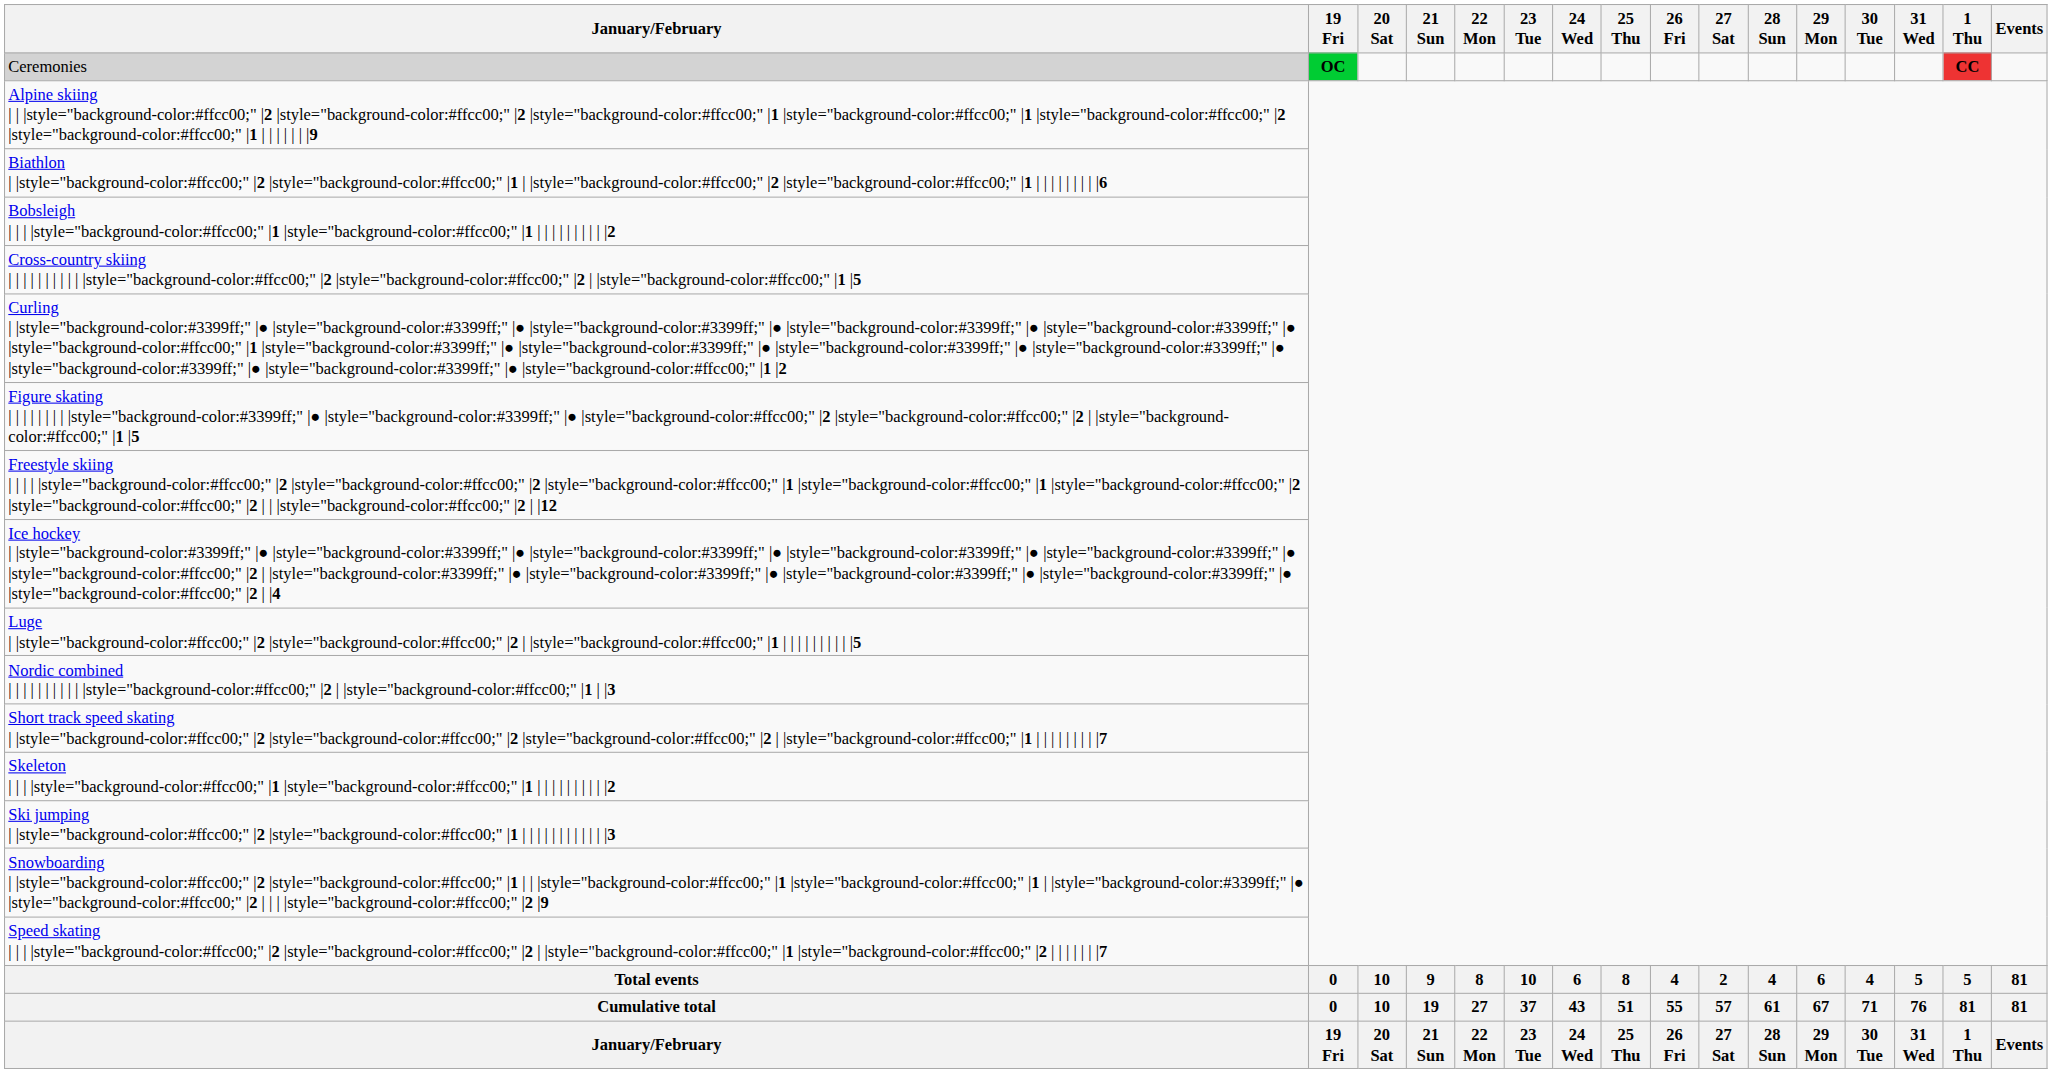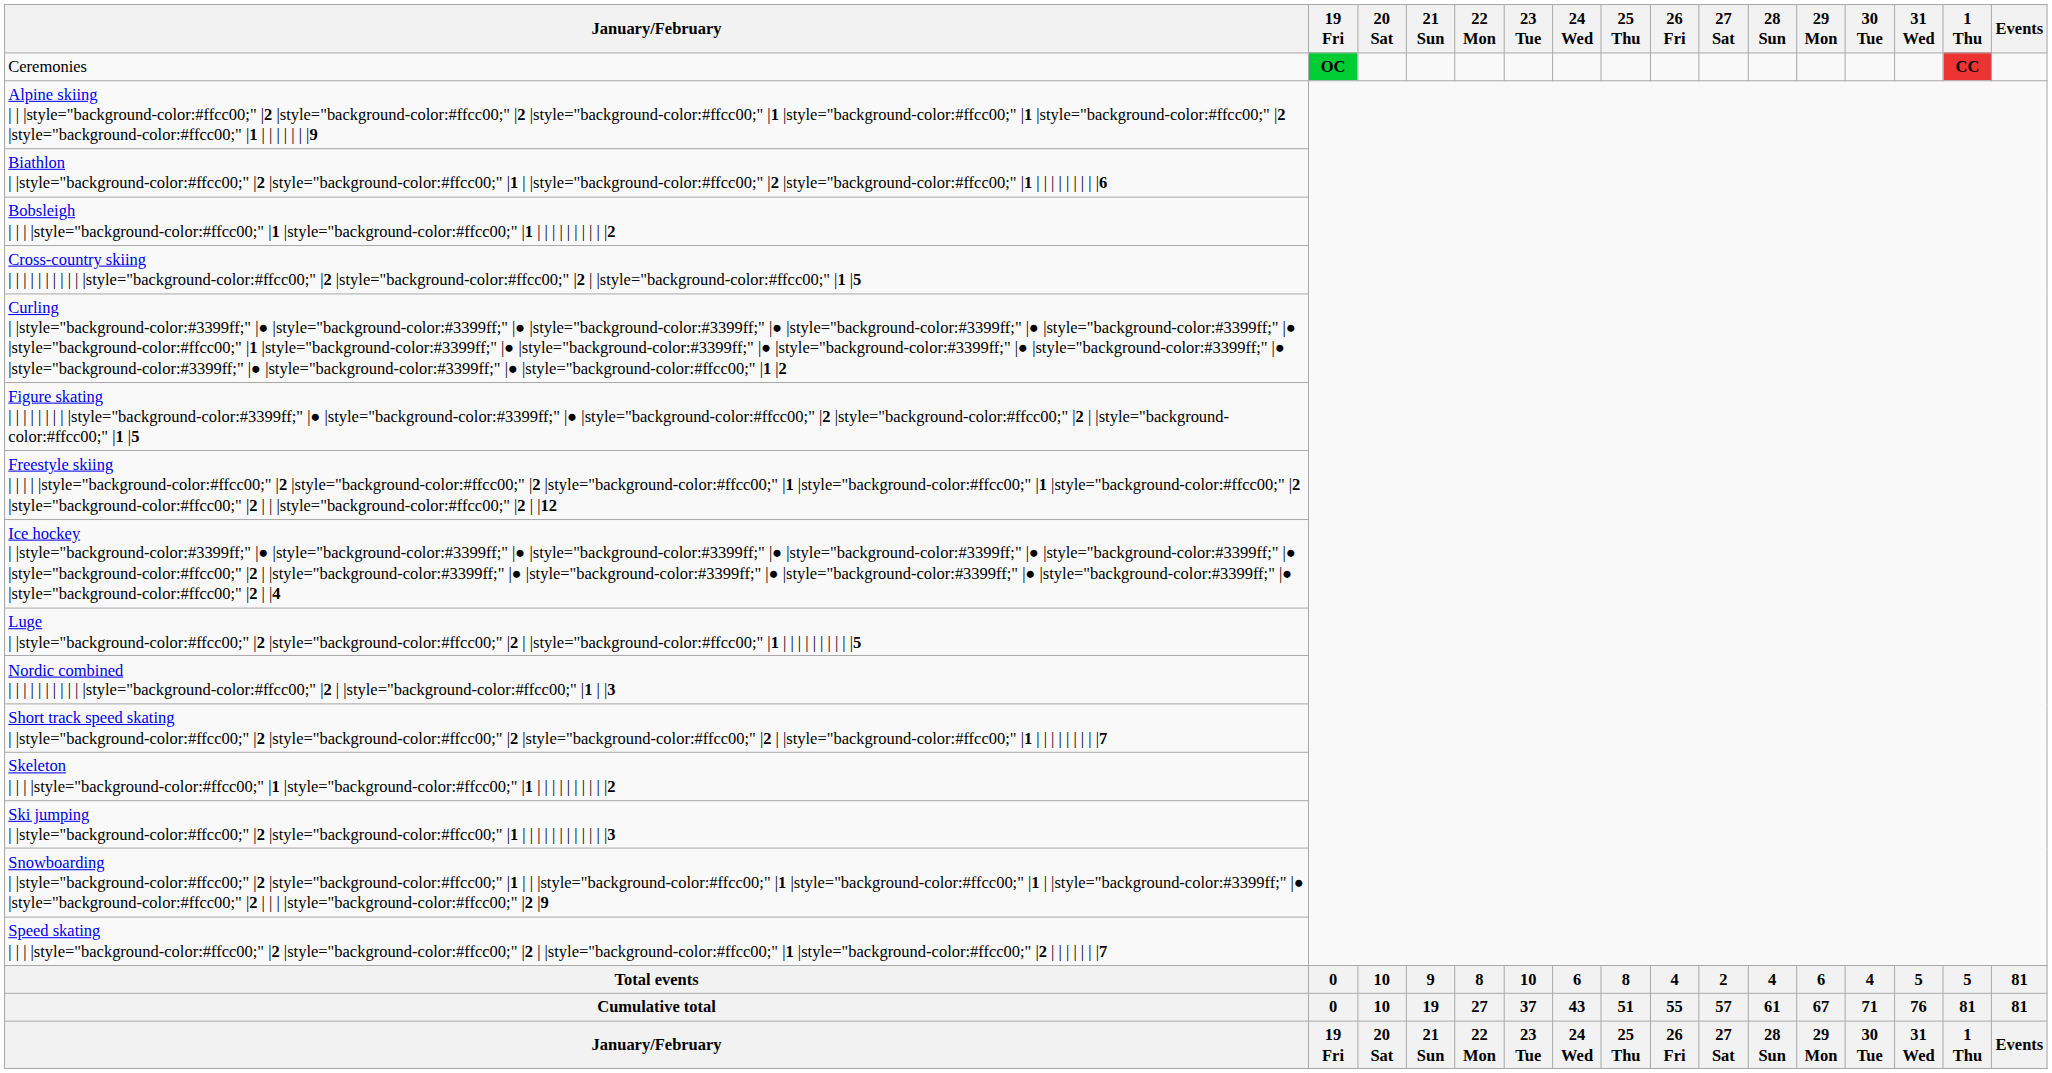 <table class="wikitable" style="margin:0.5em auto; line-height:1.23em;">
 <tr>
 <th>January/February</th>
 <th style="width:2.5em">19<br>Fri</th>
 <th style="width:2.5em">20<br>Sat</th>
 <th style="width:2.5em">21<br>Sun</th>
 <th style="width:2.5em">22<br>Mon</th>
 <th style="width:2.5em">23<br>Tue</th>
 <th style="width:2.5em">24<br>Wed</th>
 <th style="width:2.5em">25<br>Thu</th>
 <th style="width:2.5em">26<br>Fri</th>
 <th style="width:2.5em">27<br>Sat</th>
 <th style="width:2.5em">28<br>Sun</th>
 <th style="width:2.5em">29<br>Mon</th>
 <th style="width:2.5em">30<br>Tue</th>
 <th style="width:2.5em">31<br>Wed</th>
 <th style="width:2.5em">1<br>Thu</th>
 <th>Events</th>
 </tr>
 <tr>
-<td style="background: lightgrey;"> Ceremonies</td>
+<td> Ceremonies</td>
 <td style="background:#0c3; text-align:center;"><strong>OC</strong></td>
 <td></td>
 <td></td>
 <td></td>
 <td></td>
 <td></td>
 <td></td>
 <td></td>
 <td></td>
 <td></td>
 <td></td>
 <td></td>
 <td></td>
 <td style="background:#e33; text-align:center;"><strong>CC</strong></td>
 <td></td>
 </tr>
 <tr style="text-align:center;">
 <td style="text-align:left;"> <a href='#'>Alpine skiing</a><br>| | |style="background-color:#ffcc00;" |<strong>2</strong> |style="background-color:#ffcc00;" |<strong>2</strong> |style="background-color:#ffcc00;" |<strong>1</strong> |style="background-color:#ffcc00;" |<strong>1</strong> |style="background-color:#ffcc00;" |<strong>2</strong> |style="background-color:#ffcc00;" |<strong>1</strong> | | | | | | |<strong>9</strong></td>
 </tr>
 <tr style="text-align:center;">
 <td style="text-align:left;"> <a href='#'>Biathlon</a><br>| |style="background-color:#ffcc00;" |<strong>2</strong> |style="background-color:#ffcc00;" |<strong>1</strong> | |style="background-color:#ffcc00;" |<strong>2</strong> |style="background-color:#ffcc00;" |<strong>1</strong> | | | | | | | | |<strong>6</strong></td>
 </tr>
 <tr style="text-align:center;">
 <td style="text-align:left;"> <a href='#'>Bobsleigh</a><br>| | | |style="background-color:#ffcc00;" |<strong>1</strong> |style="background-color:#ffcc00;" |<strong>1</strong> | | | | | | | | | |<strong>2</strong></td>
 </tr>
 <tr style="text-align:center;">
 <td style="text-align:left;"> <a href='#'>Cross-country skiing</a><br>| | | | | | | | | | |style="background-color:#ffcc00;" |<strong>2</strong> |style="background-color:#ffcc00;" |<strong>2</strong> | |style="background-color:#ffcc00;" |<strong>1</strong> |<strong>5</strong></td>
 </tr>
 <tr style="text-align:center;">
 <td style="text-align:left;"> <a href='#'>Curling</a><br>| |style="background-color:#3399ff;" |● |style="background-color:#3399ff;" |● |style="background-color:#3399ff;" |● |style="background-color:#3399ff;" |● |style="background-color:#3399ff;" |● |style="background-color:#ffcc00;" |<strong>1</strong> |style="background-color:#3399ff;" |● |style="background-color:#3399ff;" |● |style="background-color:#3399ff;" |● |style="background-color:#3399ff;" |● |style="background-color:#3399ff;" |● |style="background-color:#3399ff;" |● |style="background-color:#ffcc00;" |<strong>1</strong> |<strong>2</strong></td>
 </tr>
 <tr style="text-align:center;">
 <td style="text-align:left;"> <a href='#'>Figure skating</a><br>| | | | | | | | |style="background-color:#3399ff;" |● |style="background-color:#3399ff;" |● |style="background-color:#ffcc00;" |<strong>2</strong> |style="background-color:#ffcc00;" |<strong>2</strong> | |style="background-color:#ffcc00;" |<strong>1</strong> |<strong>5</strong></td>
 </tr>
 <tr style="text-align:center;">
 <td style="text-align:left;"> <a href='#'>Freestyle skiing</a><br>| | | | |style="background-color:#ffcc00;" |<strong>2</strong> |style="background-color:#ffcc00;" |<strong>2</strong> |style="background-color:#ffcc00;" |<strong>1</strong> |style="background-color:#ffcc00;" |<strong>1</strong> |style="background-color:#ffcc00;" |<strong>2</strong> |style="background-color:#ffcc00;" |<strong>2</strong> | | |style="background-color:#ffcc00;" |<strong>2</strong> | |<strong>12</strong></td>
 </tr>
 <tr style="text-align:center;">
 <td style="text-align:left;"> <a href='#'>Ice hockey</a><br>| |style="background-color:#3399ff;" |● |style="background-color:#3399ff;" |● |style="background-color:#3399ff;" |● |style="background-color:#3399ff;" |● |style="background-color:#3399ff;" |● |style="background-color:#ffcc00;" |<strong>2</strong> | |style="background-color:#3399ff;" |● |style="background-color:#3399ff;" |● |style="background-color:#3399ff;" |● |style="background-color:#3399ff;" |● |style="background-color:#ffcc00;" |<strong>2</strong> | |<strong>4</strong></td>
 </tr>
 <tr style="text-align:center;">
 <td style="text-align:left;"> <a href='#'>Luge</a><br>| |style="background-color:#ffcc00;" |<strong>2</strong> |style="background-color:#ffcc00;" |<strong>2</strong> | |style="background-color:#ffcc00;" |<strong>1</strong> | | | | | | | | | |<strong>5</strong></td>
 </tr>
 <tr style="text-align:center;">
 <td style="text-align:left;"> <a href='#'>Nordic combined</a><br>| | | | | | | | | | |style="background-color:#ffcc00;" |<strong>2</strong> | |style="background-color:#ffcc00;" |<strong>1</strong> | |<strong>3</strong></td>
 </tr>
 <tr style="text-align:center;">
 <td style="text-align:left;"> <a href='#'>Short track speed skating</a><br>| |style="background-color:#ffcc00;" |<strong>2</strong> |style="background-color:#ffcc00;" |<strong>2</strong> |style="background-color:#ffcc00;" |<strong>2</strong> | |style="background-color:#ffcc00;" |<strong>1</strong> | | | | | | | | |<strong>7</strong></td>
 </tr>
 <tr style="text-align:center;">
 <td style="text-align:left;"> <a href='#'>Skeleton</a><br>| | | |style="background-color:#ffcc00;" |<strong>1</strong> |style="background-color:#ffcc00;" |<strong>1</strong> | | | | | | | | | |<strong>2</strong></td>
 </tr>
 <tr style="text-align:center;">
 <td style="text-align:left;"> <a href='#'>Ski jumping</a><br>| |style="background-color:#ffcc00;" |<strong>2</strong> |style="background-color:#ffcc00;" |<strong>1</strong> | | | | | | | | | | | |<strong>3</strong></td>
 </tr>
 <tr style="text-align:center;">
 <td style="text-align:left;"> <a href='#'>Snowboarding</a><br>| |style="background-color:#ffcc00;" |<strong>2</strong> |style="background-color:#ffcc00;" |<strong>1</strong> | | |style="background-color:#ffcc00;" |<strong>1</strong> |style="background-color:#ffcc00;" |<strong>1</strong> | |style="background-color:#3399ff;" |● |style="background-color:#ffcc00;" |<strong>2</strong> | | | |style="background-color:#ffcc00;" |<strong>2</strong> |<strong>9</strong></td>
 </tr>
 <tr style="text-align:center;">
 <td style="text-align:left;"> <a href='#'>Speed skating</a><br>| | | |style="background-color:#ffcc00;" |<strong>2</strong> |style="background-color:#ffcc00;" |<strong>2</strong> | |style="background-color:#ffcc00;" |<strong>1</strong> |style="background-color:#ffcc00;" |<strong>2</strong> | | | | | | |<strong>7</strong></td>
 </tr>
 <tr>
 <th>Total events</th>
 <th>0</th>
 <th>10</th>
 <th>9</th>
 <th>8</th>
 <th>10</th>
 <th>6</th>
 <th>8</th>
 <th>4</th>
 <th>2</th>
 <th>4</th>
 <th>6</th>
 <th>4</th>
 <th>5</th>
 <th>5</th>
 <th>81</th>
 </tr>
 <tr>
 <th>Cumulative total</th>
 <th>0</th>
 <th>10</th>
 <th>19</th>
 <th>27</th>
 <th>37</th>
 <th>43</th>
 <th>51</th>
 <th>55</th>
 <th>57</th>
 <th>61</th>
 <th>67</th>
 <th>71</th>
 <th>76</th>
 <th>81</th>
 <th>81</th>
 </tr>
 <tr>
 <th>January/February</th>
 <th style="width:2.5em">19<br>Fri</th>
 <th style="width:2.5em">20<br>Sat</th>
 <th style="width:2.5em">21<br>Sun</th>
 <th style="width:2.5em">22<br>Mon</th>
 <th style="width:2.5em">23<br>Tue</th>
 <th style="width:2.5em">24<br>Wed</th>
 <th style="width:2.5em">25<br>Thu</th>
 <th style="width:2.5em">26<br>Fri</th>
 <th style="width:2.5em">27<br>Sat</th>
 <th style="width:2.5em">28<br>Sun</th>
 <th style="width:2.5em">29<br>Mon</th>
 <th style="width:2.5em">30<br>Tue</th>
 <th style="width:2.5em">31<br>Wed</th>
 <th style="width:2.5em">1<br>Thu</th>
 <th>Events</th>
 </tr>
 </table>
